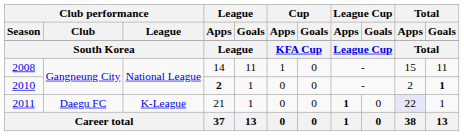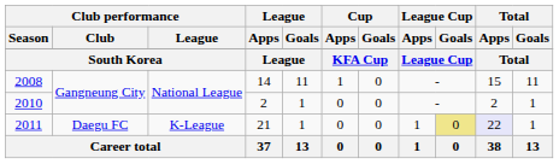 <table class="wikitable" style="text-align:center">
 <tr>
 <th colspan=3>Club performance</th>
 <th colspan=2>League</th>
 <th colspan=2>Cup</th>
 <th colspan=2>League Cup</th>
 <th colspan=2>Total</th>
 </tr>
 <tr>
 <th>Season</th>
 <th>Club</th>
 <th>League</th>
 <th>Apps</th>
 <th>Goals</th>
 <th>Apps</th>
 <th>Goals</th>
 <th>Apps</th>
 <th>Goals</th>
 <th>Apps</th>
 <th>Goals</th>
 </tr>
 <tr>
 </tr>
 <tr>
 <th colspan=3>South Korea</th>
 <th colspan=2>League</th>
 <th colspan=2><a href='#'>KFA Cup</a></th>
 <th colspan=2><a href='#'>League Cup</a></th>
 <th colspan=2>Total</th>
 </tr>
 <tr>
 <td><a href='#'>2008</a></td>
 <td rowspan="2"><a href='#'>Gangneung City</a></td>
 <td rowspan="2"><a href='#'>National League</a></td>
 <td>14</td>
 <td>11</td>
 <td>1</td>
 <td>0</td>
 <td colspan="2">-</td>
 <td>15</td>
 <td>11</td>
 </tr>
 <tr>
 <td><a href='#'>2010</a></td>
-<td><strong>2</strong></td>
+<td>2</td>
 <td>1</td>
 <td>0</td>
 <td>0</td>
 <td colspan="2">-</td>
 <td>2</td>
-<td><strong>1</strong></td>
+<td>1</td>
 </tr>
 <tr>
 <td><a href='#'>2011</a></td>
 <td rowspan="1"><a href='#'>Daegu FC</a></td>
 <td rowspan="1"><a href='#'>K-League</a></td>
 <td>21</td>
 <td>1</td>
 <td>0</td>
 <td>0</td>
-<td><strong>1</strong></td>
-<td>0</td>
+<td>1</td>
+<td style="background: khaki;">0</td>
 <td style="background: lavender;">22</td>
 <td>1</td>
 </tr>
 <tr>
 <th colspan=3>Career total</th>
 <th>37</th>
 <th>13</th>
 <th>0</th>
 <th>0</th>
 <th>1</th>
 <th>0</th>
 <th>38</th>
 <th>13</th>
 </tr>
 </table>
